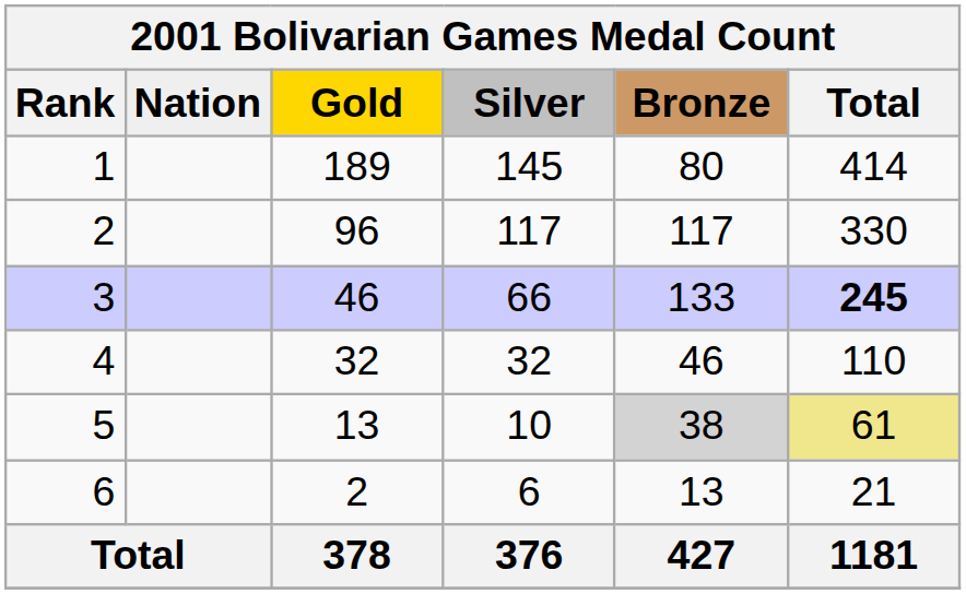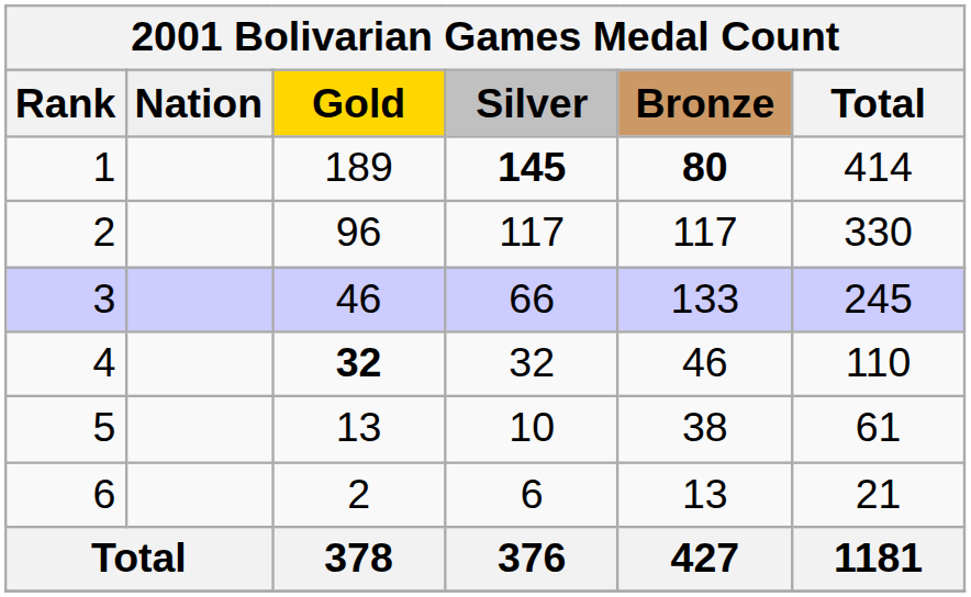 <table class="wikitable" border="2" style="text-align:center">
 <tr>
 <th colspan=6>2001 Bolivarian Games Medal Count</th>
 </tr>
 <tr bgcolor="#efefef">
 <th>Rank</th>
 <td align=left><strong>Nation</strong></td>
 <td bgcolor="gold" align=center width=60><strong>Gold</strong></td>
 <td bgcolor="silver" align=center width=60><strong>Silver</strong></td>
 <td bgcolor="CC9966" align=center width=60><strong>Bronze</strong></td>
 <th width=60>Total</th>
 </tr>
 <tr>
 <td align=right>1</td>
 <td align=left></td>
 <td>189</td>
-<td>145</td>
-<td>80</td>
+<td><strong>145</strong></td>
+<td><strong>80</strong></td>
 <td>414</td>
 </tr>
 <tr>
 <td align=right>2</td>
 <td align=left></td>
 <td>96</td>
 <td>117</td>
 <td>117</td>
 <td>330</td>
 </tr>
 <tr style="background:#ccccff">
 <td align=right>3</td>
 <td align=left></td>
 <td>46</td>
 <td>66</td>
 <td>133</td>
-<td><strong>245</strong></td>
+<td>245</td>
 </tr>
 <tr>
 <td align=right>4</td>
 <td align=left></td>
-<td>32</td>
+<td><strong>32</strong></td>
 <td>32</td>
 <td>46</td>
 <td>110</td>
 </tr>
 <tr>
 <td align=right>5</td>
 <td align=left></td>
 <td>13</td>
 <td>10</td>
-<td style="background: lightgrey;">38</td>
-<td style="background: khaki;">61</td>
+<td>38</td>
+<td>61</td>
 </tr>
 <tr>
 <td align=right>6</td>
 <td align=left></td>
 <td>2</td>
 <td>6</td>
 <td>13</td>
 <td>21</td>
 </tr>
 <tr>
 <th colspan="2">Total</th>
 <th>378</th>
 <th>376</th>
 <th>427</th>
 <th>1181</th>
 </tr>
 <tr>
 </tr>
 </table>
